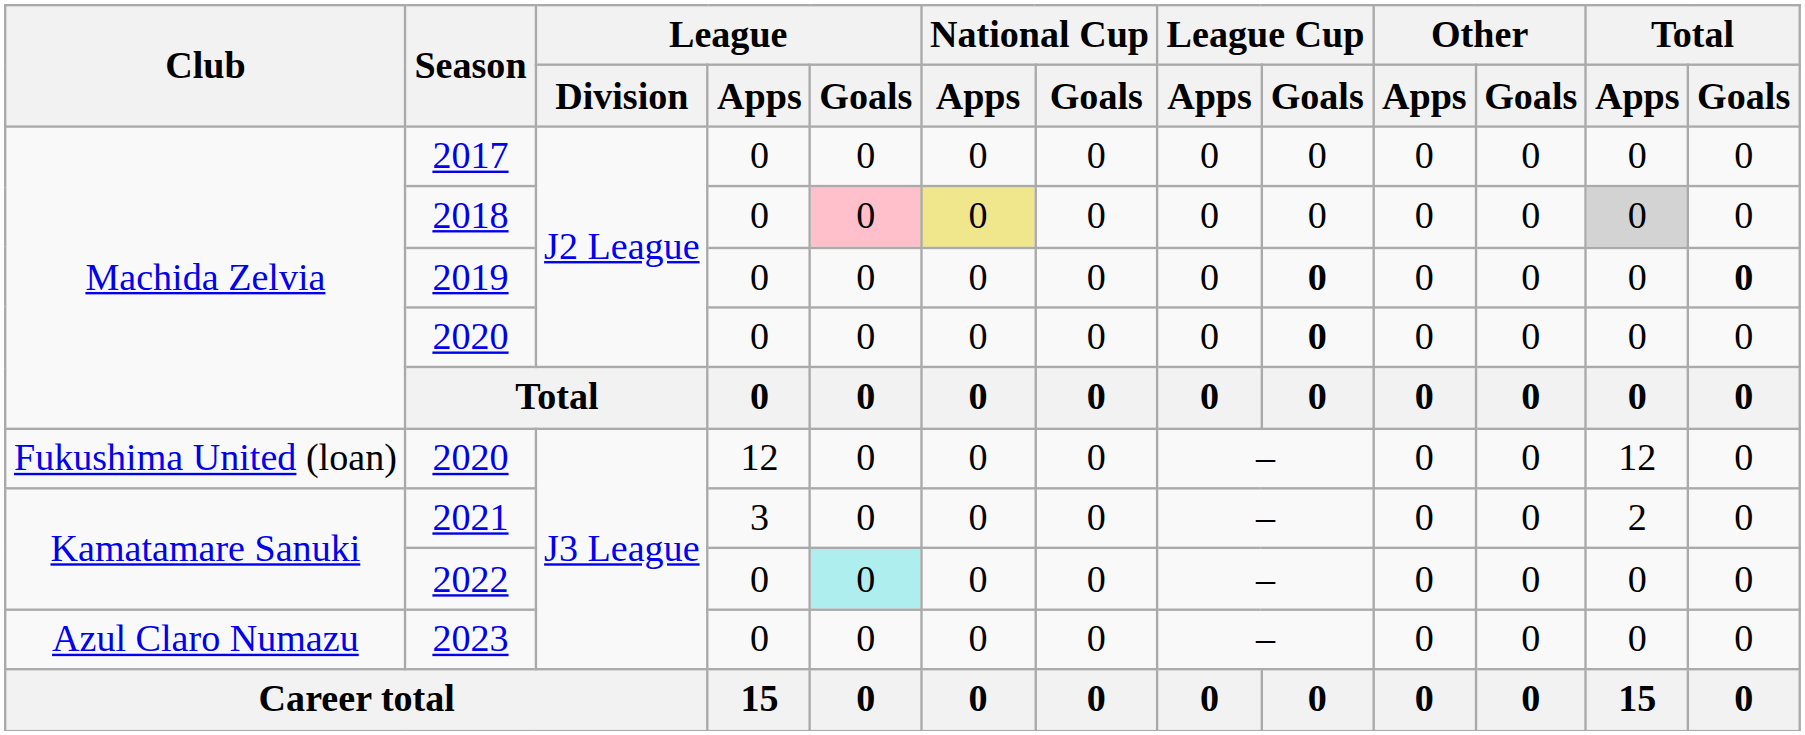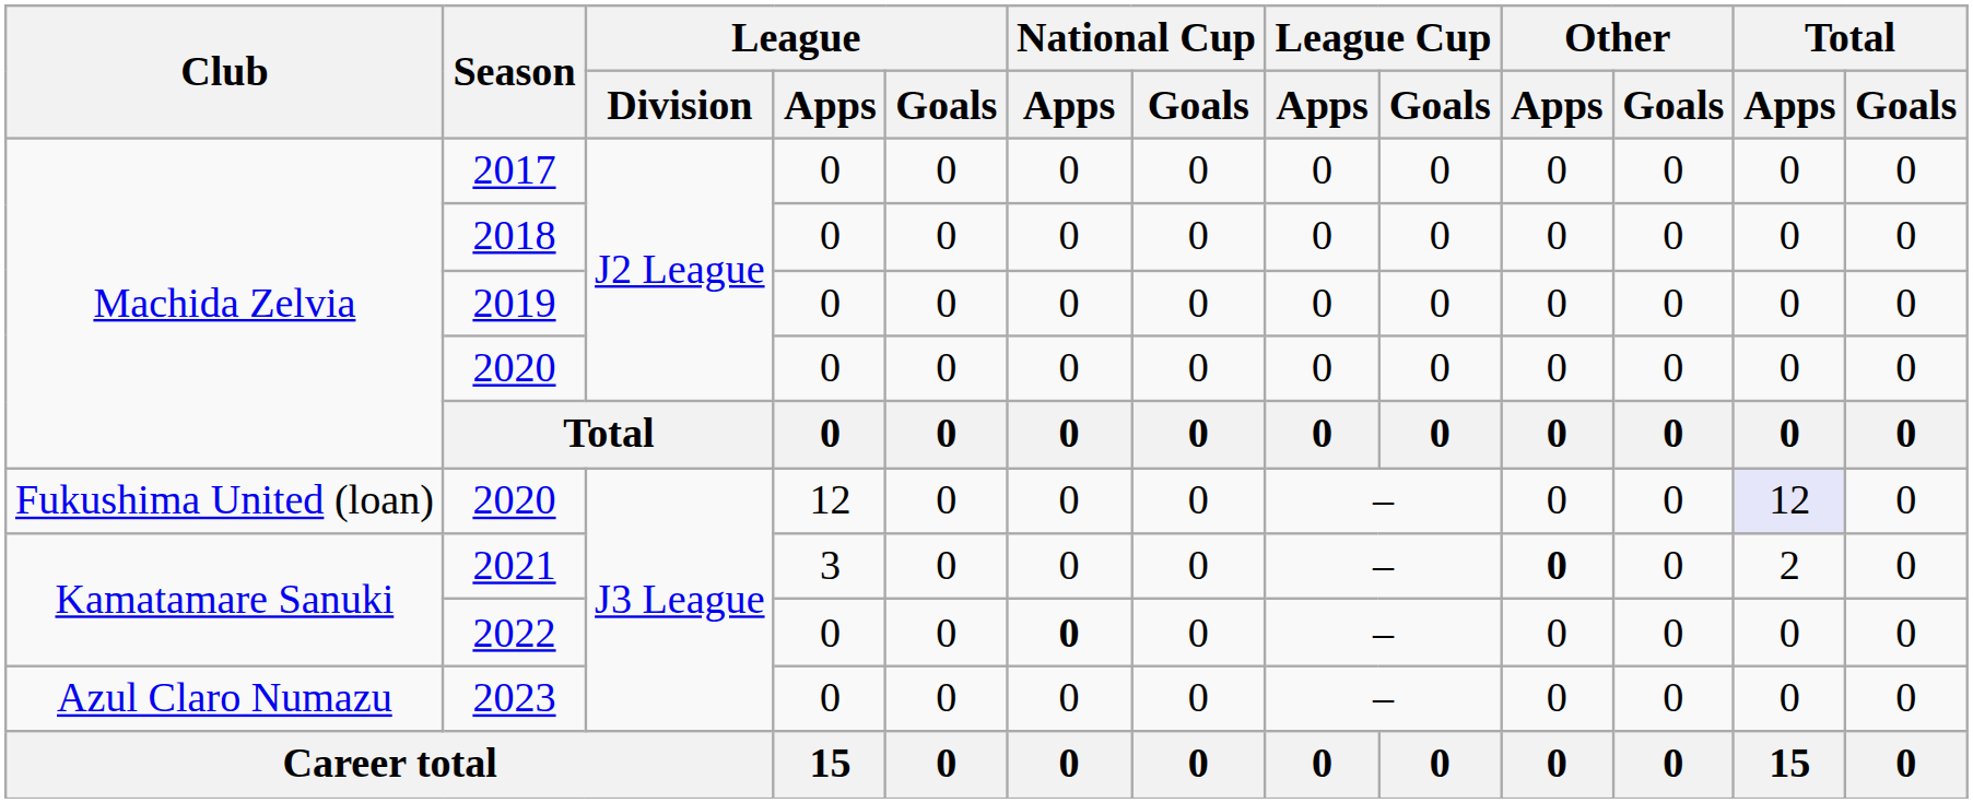 <table class="wikitable" style="text-align: center">
 <tr>
 <th rowspan="2">Club</th>
 <th rowspan="2">Season</th>
 <th colspan="3">League</th>
 <th colspan="2">National Cup</th>
 <th colspan="2">League Cup</th>
 <th colspan="2">Other</th>
 <th colspan="2">Total</th>
 </tr>
 <tr>
 <th>Division</th>
 <th>Apps</th>
 <th>Goals</th>
 <th>Apps</th>
 <th>Goals</th>
 <th>Apps</th>
 <th>Goals</th>
 <th>Apps</th>
 <th>Goals</th>
 <th>Apps</th>
 <th>Goals</th>
 </tr>
 <tr>
 <td rowspan="5"><a href='#'>Machida Zelvia</a></td>
 <td><a href='#'>2017</a></td>
 <td rowspan="4"><a href='#'>J2 League</a></td>
 <td>0</td>
 <td>0</td>
 <td>0</td>
 <td>0</td>
 <td>0</td>
 <td>0</td>
 <td>0</td>
 <td>0</td>
 <td>0</td>
 <td>0</td>
 </tr>
 <tr>
 <td><a href='#'>2018</a></td>
 <td>0</td>
-<td style="background: pink;">0</td>
-<td style="background: khaki;">0</td>
 <td>0</td>
 <td>0</td>
 <td>0</td>
 <td>0</td>
 <td>0</td>
-<td style="background: lightgrey;">0</td>
+<td>0</td>
+<td>0</td>
+<td>0</td>
 <td>0</td>
 </tr>
 <tr>
 <td><a href='#'>2019</a></td>
 <td>0</td>
 <td>0</td>
 <td>0</td>
 <td>0</td>
 <td>0</td>
-<td><strong>0</strong></td>
 <td>0</td>
 <td>0</td>
 <td>0</td>
-<td><strong>0</strong></td>
+<td>0</td>
+<td>0</td>
 </tr>
 <tr>
 <td><a href='#'>2020</a></td>
 <td>0</td>
 <td>0</td>
 <td>0</td>
 <td>0</td>
 <td>0</td>
-<td><strong>0</strong></td>
+<td>0</td>
 <td>0</td>
 <td>0</td>
 <td>0</td>
 <td>0</td>
 </tr>
 <tr>
 <th colspan=2>Total</th>
 <th>0</th>
 <th>0</th>
 <th>0</th>
 <th>0</th>
 <th>0</th>
 <th>0</th>
 <th>0</th>
 <th>0</th>
 <th>0</th>
 <th>0</th>
 </tr>
 <tr>
 <td><a href='#'>Fukushima United</a> (loan)</td>
 <td><a href='#'>2020</a></td>
 <td rowspan="4"><a href='#'>J3 League</a></td>
 <td>12</td>
 <td>0</td>
 <td>0</td>
 <td>0</td>
 <td colspan="2">–</td>
 <td>0</td>
 <td>0</td>
-<td>12</td>
+<td style="background: lavender;">12</td>
 <td>0</td>
 </tr>
 <tr>
 <td rowspan="2"><a href='#'>Kamatamare Sanuki</a></td>
 <td><a href='#'>2021</a></td>
 <td>3</td>
 <td>0</td>
 <td>0</td>
 <td>0</td>
 <td colspan="2">–</td>
-<td>0</td>
+<td><strong>0</strong></td>
 <td>0</td>
 <td>2</td>
 <td>0</td>
 </tr>
 <tr>
 <td><a href='#'>2022</a></td>
 <td>0</td>
-<td style="background: paleturquoise;">0</td>
 <td>0</td>
+<td><strong>0</strong></td>
 <td>0</td>
 <td colspan="2">–</td>
 <td>0</td>
 <td>0</td>
 <td>0</td>
 <td>0</td>
 </tr>
 <tr>
 <td><a href='#'>Azul Claro Numazu</a></td>
 <td><a href='#'>2023</a></td>
 <td>0</td>
 <td>0</td>
 <td>0</td>
 <td>0</td>
 <td colspan="2">–</td>
 <td>0</td>
 <td>0</td>
 <td>0</td>
 <td>0</td>
 </tr>
 <tr>
 <th colspan=3>Career total</th>
 <th>15</th>
 <th>0</th>
 <th>0</th>
 <th>0</th>
 <th>0</th>
 <th>0</th>
 <th>0</th>
 <th>0</th>
 <th>15</th>
 <th>0</th>
 </tr>
 </table>
